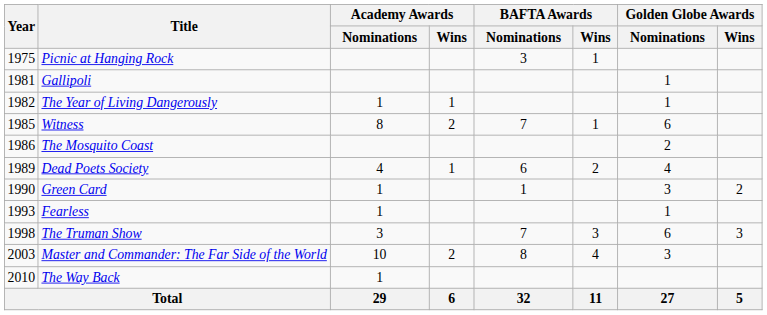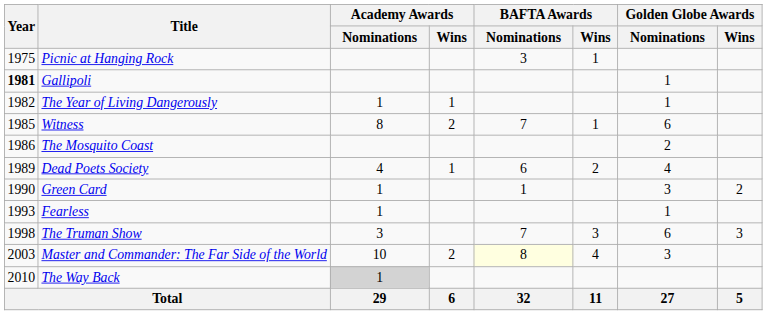 <table class="wikitable">
 <tr>
 <th rowspan="2">Year</th>
 <th rowspan="2">Title</th>
 <th colspan="2" style="text-align:center;" width=160>Academy Awards</th>
 <th colspan="2" style="text-align:center;" width=160>BAFTA Awards</th>
 <th colspan="2" style="text-align:center;" width=160>Golden Globe Awards</th>
 </tr>
 <tr>
 <th>Nominations</th>
 <th>Wins</th>
 <th>Nominations</th>
 <th>Wins</th>
 <th>Nominations</th>
 <th>Wins</th>
 </tr>
 <tr>
 <td>1975</td>
 <td><em><a href='#'>Picnic at Hanging Rock</a></em></td>
 <td></td>
 <td></td>
 <td align=center>3</td>
 <td align=center>1</td>
 <td></td>
 <td></td>
 </tr>
 <tr>
-<td>1981</td>
+<td><strong>1981</strong></td>
 <td><em><a href='#'>Gallipoli</a></em></td>
 <td></td>
 <td></td>
 <td></td>
 <td></td>
 <td align=center>1</td>
 <td></td>
 </tr>
 <tr>
 <td>1982</td>
 <td><em><a href='#'>The Year of Living Dangerously</a></em></td>
 <td align=center>1</td>
 <td align=center>1</td>
 <td></td>
 <td></td>
 <td align=center>1</td>
 <td></td>
 </tr>
 <tr>
 <td>1985</td>
 <td><em><a href='#'>Witness</a></em></td>
 <td align=center>8</td>
 <td align=center>2</td>
 <td align=center>7</td>
 <td align=center>1</td>
 <td align=center>6</td>
 <td></td>
 </tr>
 <tr>
 <td>1986</td>
 <td><em><a href='#'>The Mosquito Coast</a></em></td>
 <td></td>
 <td></td>
 <td></td>
 <td></td>
 <td align=center>2</td>
 <td></td>
 </tr>
 <tr>
 <td>1989</td>
 <td><em><a href='#'>Dead Poets Society</a></em></td>
 <td align=center>4</td>
 <td align=center>1</td>
 <td align=center>6</td>
 <td align=center>2</td>
 <td align=center>4</td>
 <td></td>
 </tr>
 <tr>
 <td>1990</td>
 <td><em><a href='#'>Green Card</a></em></td>
 <td align=center>1</td>
 <td></td>
 <td align=center>1</td>
 <td></td>
 <td align=center>3</td>
 <td align=center>2</td>
 </tr>
 <tr>
 <td>1993</td>
 <td><em><a href='#'>Fearless</a></em></td>
 <td align=center>1</td>
 <td></td>
 <td></td>
 <td></td>
 <td align=center>1</td>
 <td></td>
 </tr>
 <tr>
 <td>1998</td>
 <td><em><a href='#'>The Truman Show</a></em></td>
 <td align=center>3</td>
 <td></td>
 <td align=center>7</td>
 <td align=center>3</td>
 <td align=center>6</td>
 <td align=center>3</td>
 </tr>
 <tr>
 <td>2003</td>
 <td><em><a href='#'>Master and Commander: The Far Side of the World</a></em></td>
 <td align=center>10</td>
 <td align=center>2</td>
-<td align=center>8</td>
+<td align=center style="background: lightyellow;">8</td>
 <td align=center>4</td>
 <td align=center>3</td>
 <td></td>
 </tr>
 <tr>
 <td>2010</td>
 <td><em><a href='#'>The Way Back</a></em></td>
-<td align=center>1</td>
+<td align=center style="background: lightgrey;">1</td>
 <td></td>
 <td></td>
 <td></td>
 <td></td>
 <td></td>
 </tr>
 <tr>
 <th colspan="2">Total</th>
 <th align=center>29</th>
 <th align=center>6</th>
 <th align=center>32</th>
 <th align=center>11</th>
 <th align=center>27</th>
 <th align=center>5</th>
 </tr>
 </table>
